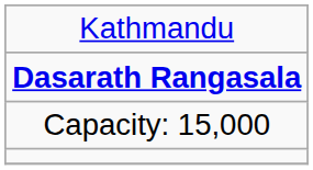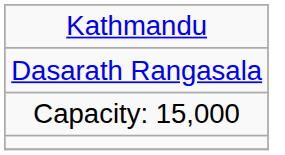 <table class="wikitable" style="text-align:center">
 <tr>
 <td><a href='#'>Kathmandu</a></td>
 </tr>
 <tr>
-<td><strong><a href='#'>Dasarath Rangasala</a></strong></td>
+<td><a href='#'>Dasarath Rangasala</a></td>
 </tr>
 <tr>
 <td>Capacity: 15,000</td>
 </tr>
 <tr>
 <td></td>
 </tr>
 <tr>
 </tr>
 </table>
